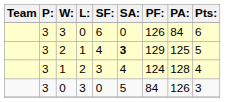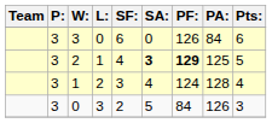 <table class="wikitable">
 <tr>
 <th>Team</th>
 <th>P:</th>
 <th>W:</th>
 <th>L:</th>
 <th>SF:</th>
 <th>SA:</th>
 <th>PF:</th>
 <th>PA:</th>
 <th>Pts:</th>
 </tr>
 <tr valign="top">
 </tr>
 <tr bgcolor="#ffffcc">
 <td></td>
 <td>3</td>
 <td>3</td>
 <td>0</td>
 <td>6</td>
 <td>0</td>
 <td>126</td>
 <td>84</td>
 <td>6</td>
 </tr>
 <tr bgcolor="#ffffcc">
 <td></td>
 <td>3</td>
 <td>2</td>
 <td>1</td>
 <td>4</td>
 <td><strong>3</strong></td>
-<td>129</td>
+<td><strong>129</strong></td>
 <td>125</td>
 <td>5</td>
 </tr>
 <tr bgcolor="#ffffcc">
 <td></td>
 <td>3</td>
 <td>1</td>
 <td>2</td>
 <td>3</td>
 <td>4</td>
 <td>124</td>
 <td>128</td>
 <td>4</td>
 </tr>
 <tr>
 <td></td>
 <td>3</td>
 <td>0</td>
 <td>3</td>
-<td>0</td>
+<td>2</td>
 <td>5</td>
 <td>84</td>
 <td>126</td>
 <td>3</td>
 </tr>
 <tr>
 </tr>
 </table>
